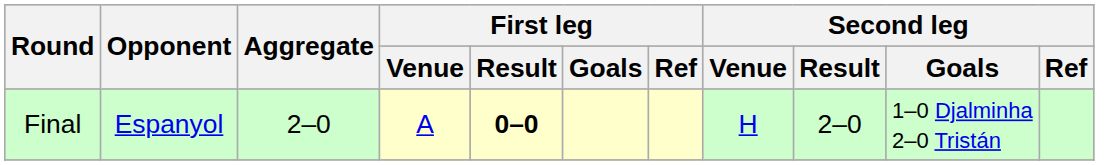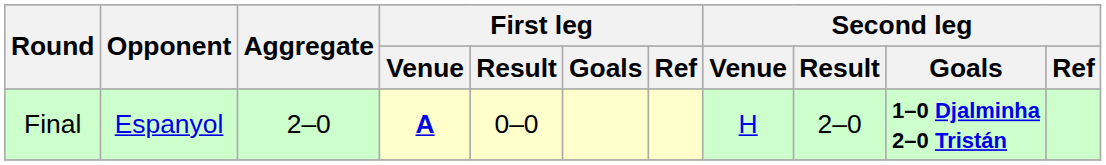 <table class="wikitable" style="font-size:100%; text-align:center">
 <tr>
 <th rowspan="2">Round</th>
 <th rowspan="2">Opponent</th>
 <th rowspan="2">Aggregate</th>
 <th colspan="4">First leg</th>
 <th colspan="4">Second leg</th>
 </tr>
 <tr>
 <th>Venue</th>
 <th>Result</th>
 <th>Goals</th>
 <th>Ref</th>
 <th>Venue</th>
 <th>Result</th>
 <th>Goals</th>
 <th>Ref</th>
 </tr>
 <tr bgcolor= CCFFCC>
 <td>Final</td>
 <td><a href='#'>Espanyol</a></td>
 <td>2–0</td>
-<td bgcolor="#FFFFCC"><a href='#'>A</a></td>
-<td bgcolor="#FFFFCC"><strong>0–0</strong></td>
+<td bgcolor="#FFFFCC"><strong><a href='#'>A</a></strong></td>
+<td bgcolor="#FFFFCC">0–0</td>
 <td bgcolor="#FFFFCC"></td>
 <td bgcolor="#FFFFCC"></td>
 <td><a href='#'>H</a></td>
 <td>2–0</td>
-<td align="left"><small>1–0  <a href='#'>Djalminha</a><br>2–0  <a href='#'>Tristán</a></small></td>
+<td align="left"><strong><small>1–0  <a href='#'>Djalminha</a><br>2–0  <a href='#'>Tristán</a></small></strong></td>
 <td></td>
 </tr>
 </table>
